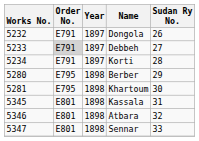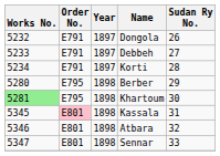 <table class="wikitable collapsible collapsed sortable" style="margin:0.5em auto; font-size:100%;">
 <tr>
 <th><br>Works No.</th>
 <th>Order<br>No.</th>
 <th>Year<br></th>
 <th>Name<br></th>
 <th>Sudan Ry<br>No.</th>
 </tr>
 <tr>
 <td>5232</td>
 <td>E791</td>
 <td>1897</td>
 <td>Dongola</td>
 <td>26</td>
 </tr>
 <tr>
 <td>5233</td>
-<td style="background: lightgrey;">E791</td>
+<td>E791</td>
 <td>1897</td>
 <td>Debbeh</td>
 <td>27</td>
 </tr>
 <tr>
 <td>5234</td>
 <td>E791</td>
 <td>1897</td>
 <td>Korti</td>
 <td>28</td>
 </tr>
 <tr>
 <td>5280</td>
 <td>E795</td>
 <td>1898</td>
 <td>Berber</td>
 <td>29</td>
 </tr>
 <tr>
-<td>5281</td>
+<td style="background: lightgreen;">5281</td>
 <td>E795</td>
 <td>1898</td>
 <td>Khartoum</td>
 <td>30</td>
 </tr>
 <tr>
 <td>5345</td>
-<td>E801</td>
+<td style="background: pink;">E801</td>
 <td>1898</td>
 <td>Kassala</td>
 <td>31</td>
 </tr>
 <tr>
 <td>5346</td>
 <td>E801</td>
 <td>1898</td>
 <td>Atbara</td>
 <td>32</td>
 </tr>
 <tr>
 <td>5347</td>
 <td>E801</td>
 <td>1898</td>
 <td>Sennar</td>
 <td>33</td>
 </tr>
 <tr>
 </tr>
 </table>
